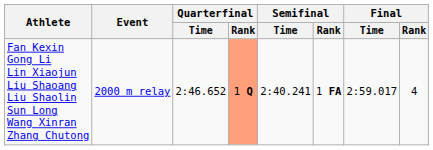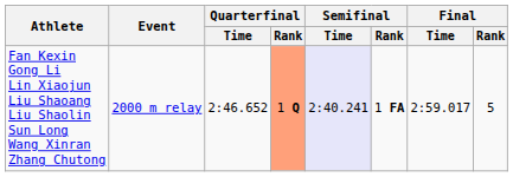 <table class="wikitable" style="font-size:90%">
 <tr>
 <th rowspan=2>Athlete</th>
 <th rowspan=2>Event</th>
 <th colspan=2>Quarterfinal</th>
 <th colspan=2>Semifinal</th>
 <th colspan=2>Final</th>
 </tr>
 <tr style="font-size:95%">
 <th>Time</th>
 <th>Rank</th>
 <th>Time</th>
 <th>Rank</th>
 <th>Time</th>
 <th>Rank</th>
 </tr>
 <tr align=center>
 <td align=left><a href='#'>Fan Kexin</a><br><a href='#'>Gong Li</a><br><a href='#'>Lin Xiaojun</a><br><a href='#'>Liu Shaoang</a><br><a href='#'>Liu Shaolin</a><br><a href='#'>Sun Long</a><br><a href='#'>Wang Xinran</a><br><a href='#'>Zhang Chutong</a></td>
 <td align=left><a href='#'>2000 m relay</a></td>
 <td>2:46.652</td>
 <td style="background: lightsalmon;">1 <strong>Q</strong></td>
-<td>2:40.241</td>
+<td style="background: lavender;">2:40.241</td>
 <td>1 <strong>FA</strong></td>
 <td>2:59.017</td>
-<td>4</td>
+<td>5</td>
 </tr>
 </table>
